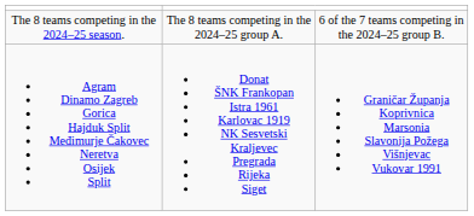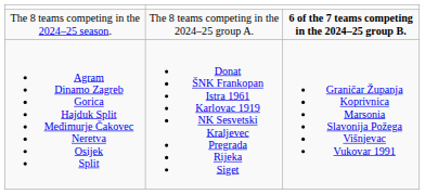 <table class="wikitable" style="text-align:center"color>
 <tr>
 <th style="background:#FFFFFF; color:#FF0000; "></th>
 <th colspan=2 style="background:#FFFFFF; color:#FF0000; "></th>
 </tr>
 <tr>
 <td>The 8 teams competing in the <a href='#'>2024–25 season</a>.</td>
 <td style="width: 33%;">The 8 teams competing in the 2024–25 group A.</td>
-<td style="width: 33%;">6 of the 7 teams competing in the 2024–25 group B.</td>
+<td style="width: 33%;"><strong>6 of the 7 teams competing in the 2024–25 group B.</strong></td>
 </tr>
 <tr>
 <td><br><ul><li><a href='#'>Agram</a></li><li><a href='#'>Dinamo Zagreb</a></li><li><a href='#'>Gorica</a></li><li><a href='#'>Hajduk Split</a></li><li><a href='#'>Međimurje Čakovec</a></li><li><a href='#'>Neretva</a></li><li><a href='#'>Osijek</a></li><li><a href='#'>Split</a></li></ul></td>
 <td><br><ul><li><a href='#'>Donat</a></li><li><a href='#'>ŠNK Frankopan</a></li><li><a href='#'>Istra 1961</a></li><li><a href='#'>Karlovac 1919</a></li><li><a href='#'>NK Sesvetski Kraljevec</a></li><li><a href='#'>Pregrada</a></li><li><a href='#'>Rijeka</a></li><li><a href='#'>Siget</a></li></ul></td>
 <td><br><ul><li><a href='#'>Graničar Županja</a></li><li><a href='#'>Koprivnica</a></li><li><a href='#'>Marsonia</a></li><li><a href='#'>Slavonija Požega</a></li><li><a href='#'>Višnjevac</a></li><li><a href='#'>Vukovar 1991</a></li></ul></td>
 </tr>
 </table>
